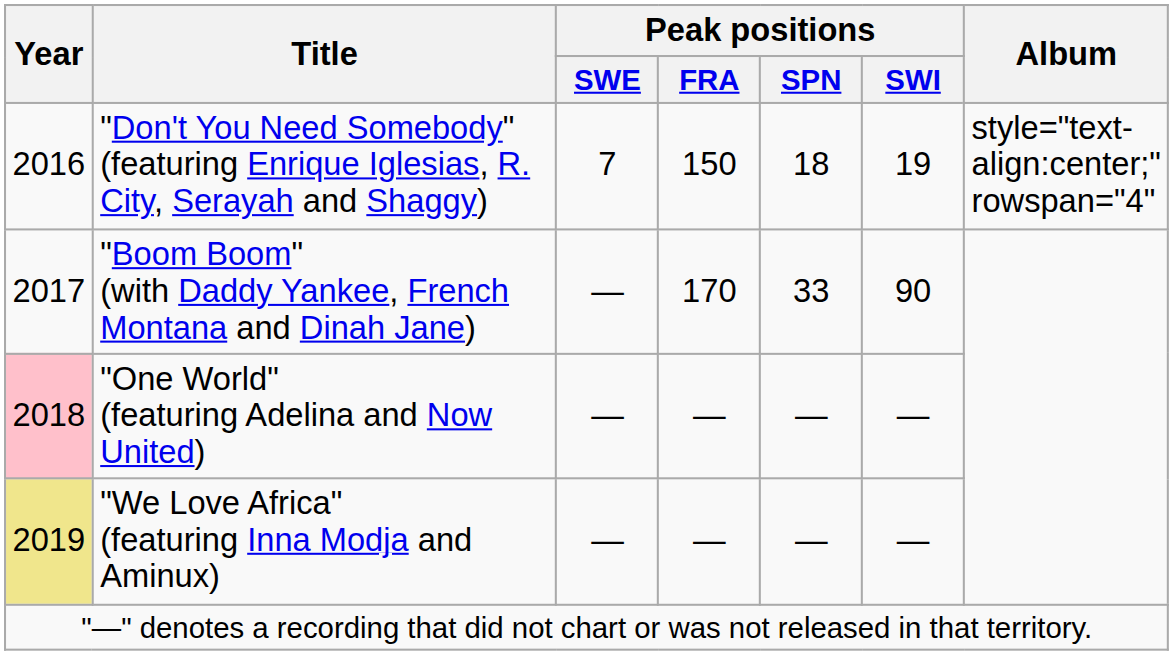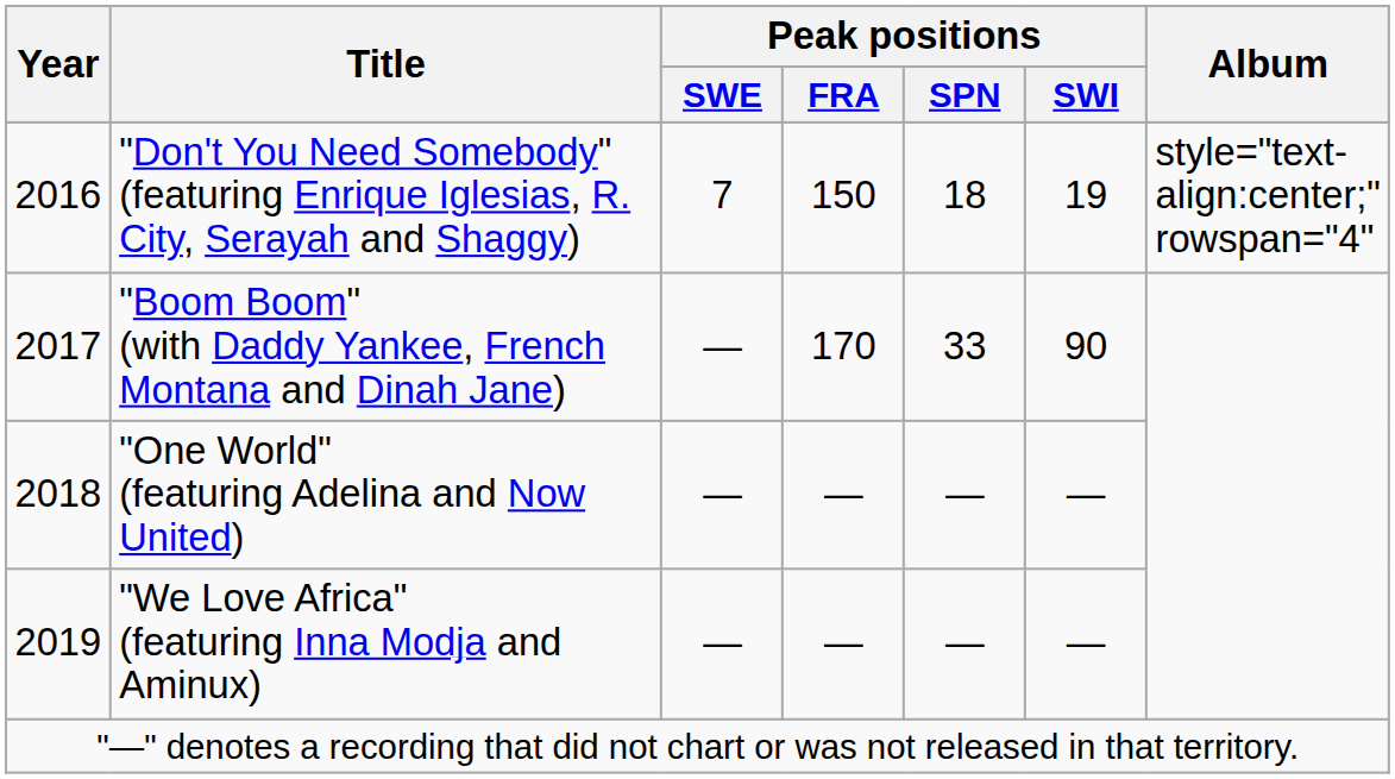 <table class="wikitable">
 <tr>
 <th rowspan="2" style="text-align:center; width:10px;">Year</th>
 <th rowspan="2" style="text-align:center; width:220px;">Title</th>
 <th style="text-align:center; width:20px;" colspan="4">Peak positions</th>
 <th rowspan="2" style="text-align:center; width:70px;">Album</th>
 </tr>
 <tr>
 <th scope="col" style="width:3em;font-size:90%;"><a href='#'>SWE</a><br></th>
 <th scope="col" style="width:3em;font-size:90%;"><a href='#'>FRA</a><br></th>
 <th scope="col" style="width:3em;font-size:90%;"><a href='#'>SPN</a><br></th>
 <th scope="col" style="width:3em;font-size:90%;"><a href='#'>SWI</a><br></th>
 </tr>
 <tr>
 <td style="text-align:center;">2016</td>
 <td>"<a href='#'>Don't You Need Somebody</a>"<br><span>(featuring <a href='#'>Enrique Iglesias</a>, <a href='#'>R. City</a>, <a href='#'>Serayah</a> and <a href='#'>Shaggy</a>)</span></td>
 <td style="text-align:center;">7</td>
 <td style="text-align:center;">150</td>
 <td style="text-align:center;">18</td>
 <td style="text-align:center;">19</td>
 <td>style="text-align:center;" rowspan="4" </td>
 </tr>
 <tr>
 <td style="text-align:center;">2017</td>
 <td>"<a href='#'>Boom Boom</a>"<br><span>(with <a href='#'>Daddy Yankee</a>, <a href='#'>French Montana</a> and <a href='#'>Dinah Jane</a>)</span></td>
 <td style="text-align:center;">—</td>
 <td style="text-align:center;">170</td>
 <td style="text-align:center;">33</td>
 <td style="text-align:center;">90</td>
 </tr>
 <tr>
-<td style="background: pink; text-align:center;">2018</td>
+<td style="text-align:center;">2018</td>
 <td>"One World"<br><span>(featuring Adelina and <a href='#'>Now United</a>)</span></td>
 <td style="text-align:center;">—</td>
 <td style="text-align:center;">—</td>
 <td style="text-align:center;">—</td>
 <td style="text-align:center;">—</td>
 </tr>
 <tr>
-<td style="background: khaki; text-align:center;">2019</td>
+<td style="text-align:center;">2019</td>
 <td>"We Love Africa"<br><span>(featuring <a href='#'>Inna Modja</a> and Aminux)</span></td>
 <td style="text-align:center;">—</td>
 <td style="text-align:center;">—</td>
 <td style="text-align:center;">—</td>
 <td style="text-align:center;">—</td>
 </tr>
 <tr>
 <td colspan="12" style="font-size:90%; text-align:center">"—" denotes a recording that did not chart or was not released in that territory.</td>
 </tr>
 </table>
